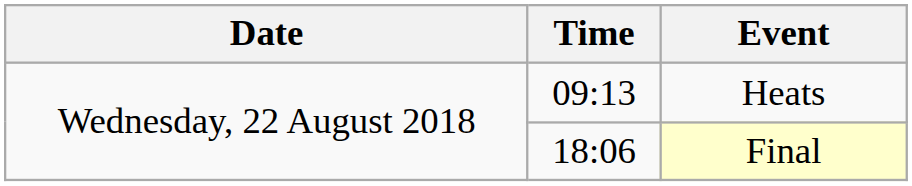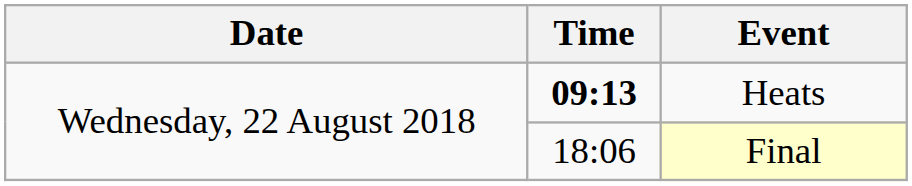 <table class = "wikitable" style="text-align:center;">
 <tr>
 <th width=220>Date</th>
 <th width=50>Time</th>
 <th width=100>Event</th>
 </tr>
 <tr>
 <td rowspan=2>Wednesday, 22 August 2018</td>
-<td>09:13</td>
+<td><strong>09:13</strong></td>
 <td>Heats</td>
 </tr>
 <tr>
 <td>18:06</td>
 <td bgcolor=ffffcc>Final</td>
 </tr>
 </table>
